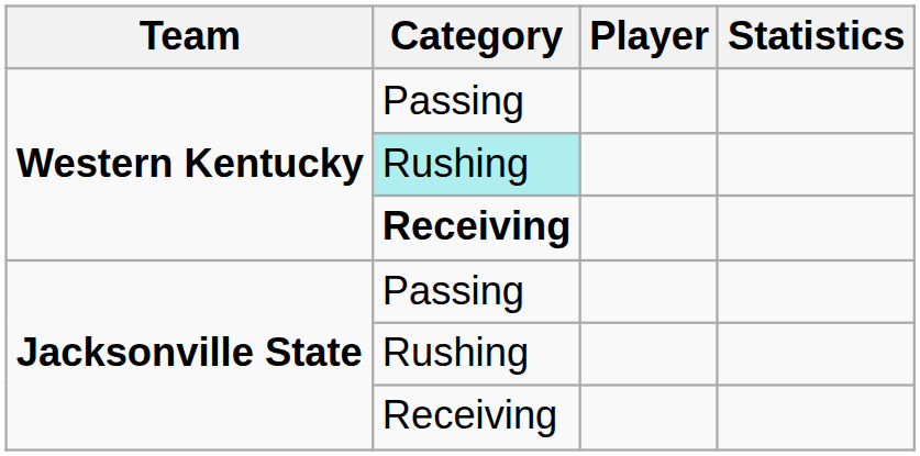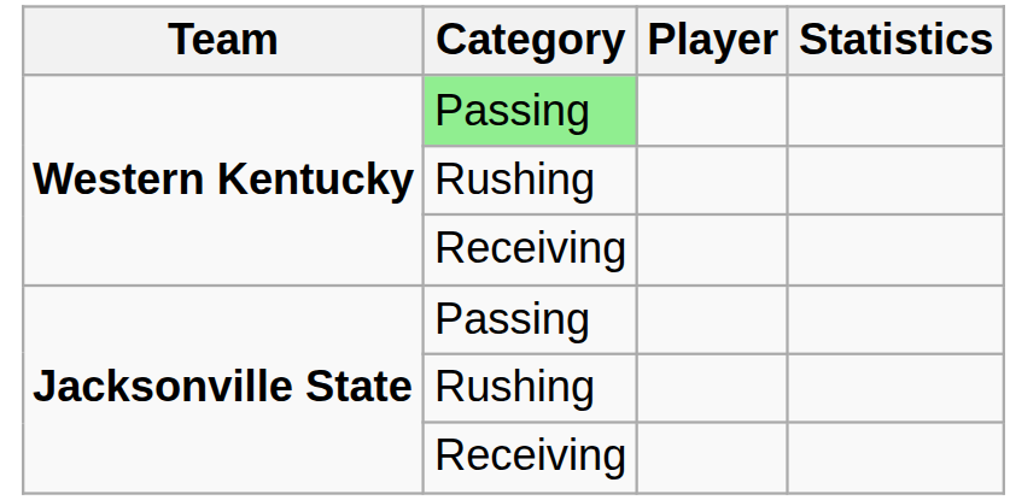 <table class="wikitable" style="float: right;">
 <tr>
 <th>Team</th>
 <th>Category</th>
 <th>Player</th>
 <th>Statistics</th>
 </tr>
 <tr>
 <td rowspan=3><strong>Western Kentucky</strong></td>
-<td>Passing</td>
+<td style="background: lightgreen;">Passing</td>
 <td></td>
 <td></td>
 </tr>
 <tr>
-<td style="background: paleturquoise;">Rushing</td>
+<td>Rushing</td>
 <td></td>
 <td></td>
 </tr>
 <tr>
-<td><strong>Receiving</strong></td>
+<td>Receiving</td>
 <td></td>
 <td></td>
 </tr>
 <tr>
 <td rowspan=3><strong>Jacksonville State</strong></td>
 <td>Passing</td>
 <td></td>
 <td></td>
 </tr>
 <tr>
 <td>Rushing</td>
 <td></td>
 <td></td>
 </tr>
 <tr>
 <td>Receiving</td>
 <td></td>
 <td></td>
 </tr>
 </table>
